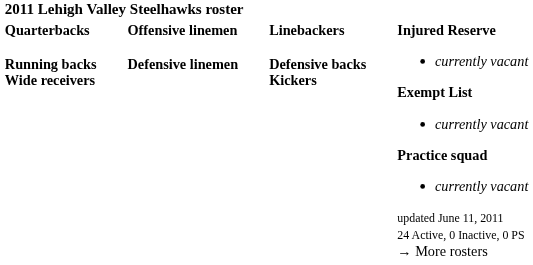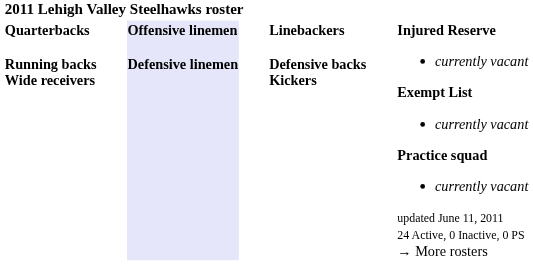 <table class="toccolours" style="text-align: left;">
 <tr>
 <th colspan="7"><strong>2011 Lehigh Valley Steelhawks roster</strong></th>
 </tr>
 <tr>
 <td style="font-size: 95%;" valign="top"><strong>Quarterbacks</strong><br> <br><strong>Running backs</strong>  <br><strong>Wide receivers</strong>   </td>
 <td style="width: 25px;"></td>
-<td style="font-size: 95%;" valign="top"><strong>Offensive linemen</strong><br>   <br><strong>Defensive linemen</strong>    </td>
+<td style="background: lavender; font-size: 95%;" valign="top"><strong>Offensive linemen</strong><br>   <br><strong>Defensive linemen</strong>    </td>
 <td style="width: 25px;"></td>
 <td style="font-size: 95%;" valign="top"><strong>Linebackers</strong><br> <br><strong>Defensive backs</strong>      <br><strong>Kickers</strong> </td>
 <td style="width: 25px;"></td>
 <td style="font-size: 95%;" valign="top"><strong>Injured Reserve</strong><br><ul><li><em>currently vacant</em></li></ul><strong>Exempt List</strong><ul><li><em>currently vacant</em></li></ul><strong>Practice squad</strong><ul><li><em>currently vacant</em></li></ul><small> updated June 11, 2011</small><br> <small>24 Active, 0 Inactive, 0 PS</small><br>→ More rosters</td>
 </tr>
 <tr>
 </tr>
 </table>
